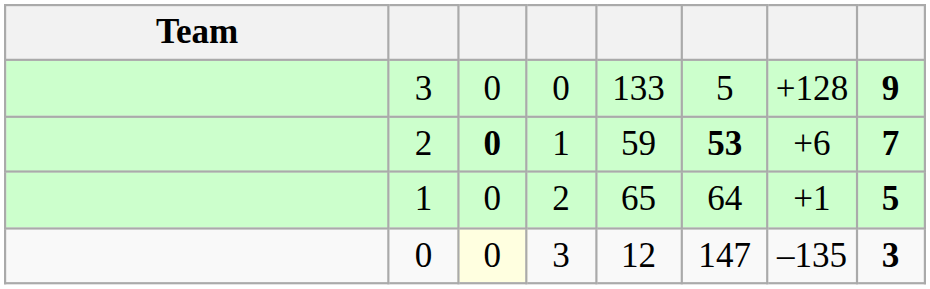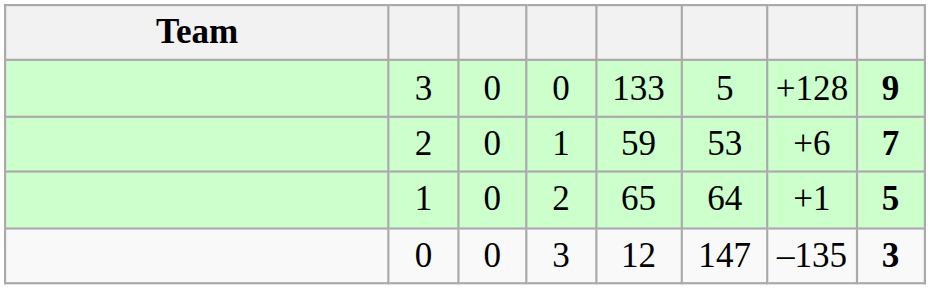 <table class="wikitable" style="text-align:center;">
 <tr>
 <th style="width:10.5em;">Team</th>
 <th style="width:1.5em;"></th>
 <th style="width:1.5em;"></th>
 <th style="width:1.5em;"></th>
 <th style="width:2.0em;"></th>
 <th style="width:2.0em;"></th>
 <th style="width:2.0em;"></th>
 <th style="width:1.5em;"></th>
 </tr>
 <tr bgcolor=#cfc>
 <td align="left"></td>
 <td>3</td>
 <td>0</td>
 <td>0</td>
 <td>133</td>
 <td>5</td>
 <td>+128</td>
 <td><strong>9</strong></td>
 </tr>
 <tr bgcolor=#cfc>
 <td align="left"></td>
 <td>2</td>
-<td><strong>0</strong></td>
+<td>0</td>
 <td>1</td>
 <td>59</td>
-<td><strong>53</strong></td>
+<td>53</td>
 <td>+6</td>
 <td><strong>7</strong></td>
 </tr>
 <tr bgcolor=#cfc>
 <td align="left"></td>
 <td>1</td>
 <td>0</td>
 <td>2</td>
 <td>65</td>
 <td>64</td>
 <td>+1</td>
 <td><strong>5</strong></td>
 </tr>
 <tr>
 <td align="left"></td>
 <td>0</td>
-<td style="background: lightyellow;">0</td>
+<td>0</td>
 <td>3</td>
 <td>12</td>
 <td>147</td>
 <td>–135</td>
 <td><strong>3</strong></td>
 </tr>
 </table>
